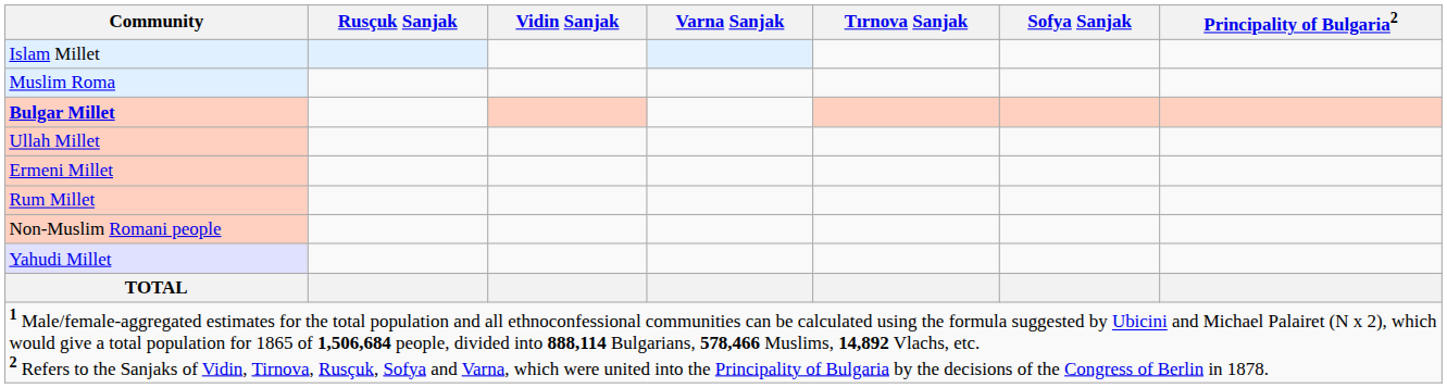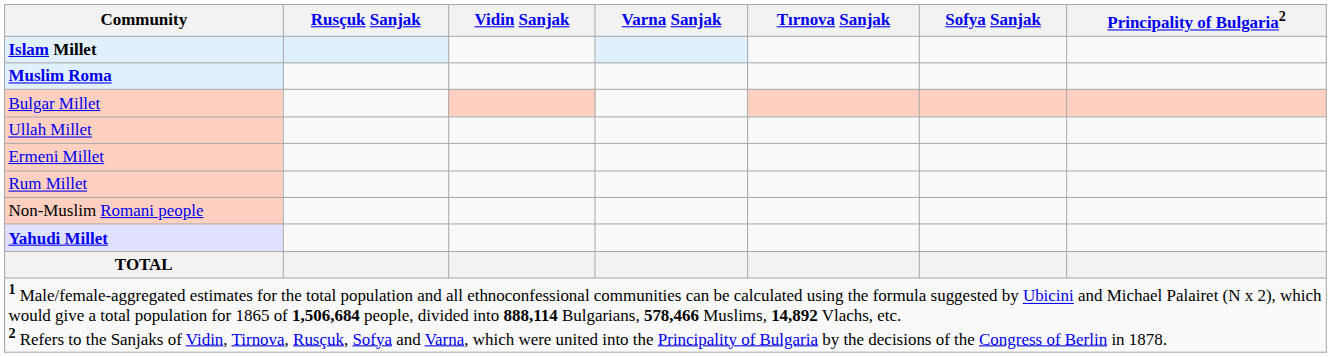 <table class="wikitable sortable">
 <tr>
 <th>Community</th>
 <th><a href='#'>Rusçuk</a> <a href='#'>Sanjak</a></th>
 <th><a href='#'>Vidin</a> <a href='#'>Sanjak</a></th>
 <th><a href='#'>Varna</a> <a href='#'>Sanjak</a></th>
 <th><a href='#'>Tırnova</a> <a href='#'>Sanjak</a></th>
 <th><a href='#'>Sofya</a> <a href='#'>Sanjak</a></th>
 <th><a href='#'>Principality of Bulgaria</a><sup><strong>2</strong></sup></th>
 </tr>
 <tr>
-<td style="background:#E0F0FF;"><a href='#'>Islam</a> Millet</td>
+<td style="background:#E0F0FF;"><strong><a href='#'>Islam</a> Millet</strong></td>
 <td style="background:#E0F0FF;"></td>
 <td></td>
 <td style="background:#E0F0FF; "></td>
 <td></td>
 <td></td>
 <td style="text-align:right;"></td>
 </tr>
 <tr>
-<td style="background:#E0F0FF;"><a href='#'>Muslim Roma</a></td>
+<td style="background:#E0F0FF;"><strong><a href='#'>Muslim Roma</a></strong></td>
 <td></td>
 <td></td>
 <td></td>
 <td></td>
 <td></td>
 <td style="text-align:right;"></td>
 </tr>
 <tr>
-<td style="background:#FFD0C0;"><strong><a href='#'>Bulgar Millet</a></strong></td>
+<td style="background:#FFD0C0;"><a href='#'>Bulgar Millet</a></td>
 <td></td>
 <td style="background:#FFD0C0;"></td>
 <td></td>
 <td style="background:#FFD0C0;"></td>
 <td style="background:#FFD0C0;"></td>
 <td style="background:#FFD0C0; text-align:right;"></td>
 </tr>
 <tr>
 <td style="background:#FFD0C0;"><a href='#'>Ullah Millet</a></td>
 <td></td>
 <td></td>
 <td></td>
 <td></td>
 <td></td>
 <td style="text-align:right;"></td>
 </tr>
 <tr>
 <td style="background:#FFD0C0;"><a href='#'>Ermeni Millet</a></td>
 <td></td>
 <td></td>
 <td></td>
 <td></td>
 <td></td>
 <td style="text-align:right;"></td>
 </tr>
 <tr>
 <td style="background:#FFD0C0;"><a href='#'>Rum Millet</a></td>
 <td></td>
 <td></td>
 <td></td>
 <td></td>
 <td></td>
 <td style="text-align:right;"></td>
 </tr>
 <tr>
 <td style="background:#FFD0C0;">Non-Muslim <a href='#'>Romani people</a></td>
 <td></td>
 <td></td>
 <td></td>
 <td></td>
 <td></td>
 <td style="text-align:right;"></td>
 </tr>
 <tr>
-<td style="background:#E0E0FF;"><a href='#'>Yahudi Millet</a></td>
+<td style="background:#E0E0FF;"><strong><a href='#'>Yahudi Millet</a></strong></td>
 <td></td>
 <td></td>
 <td></td>
 <td></td>
 <td></td>
 <td style="text-align:right;"></td>
 </tr>
 <tr>
 <th><strong>TOTAL</strong></th>
 <th></th>
 <th></th>
 <th></th>
 <th></th>
 <th></th>
 <th></th>
 </tr>
 <tr>
 <td colspan="11"><div><sup><strong>1</strong></sup> Male/female-aggregated estimates for the total population and all ethnoconfessional communities can be calculated using the formula suggested by <a href='#'>Ubicini</a> and Michael Palairet (N x 2), which would give a total population for 1865 of <strong>1,506,684</strong> people, divided into <strong>888,114</strong>  Bulgarians, <strong>578,466</strong> Muslims, <strong>14,892</strong> Vlachs, etc.<br><sup><strong>2</strong></sup> Refers to the Sanjaks of <a href='#'>Vidin</a>, <a href='#'>Tirnova</a>, <a href='#'>Rusçuk</a>, <a href='#'>Sofya</a> and <a href='#'>Varna</a>, which were united into the <a href='#'>Principality of Bulgaria</a> by the decisions of the <a href='#'>Congress of Berlin</a> in 1878.</div></td>
 </tr>
 </table>
